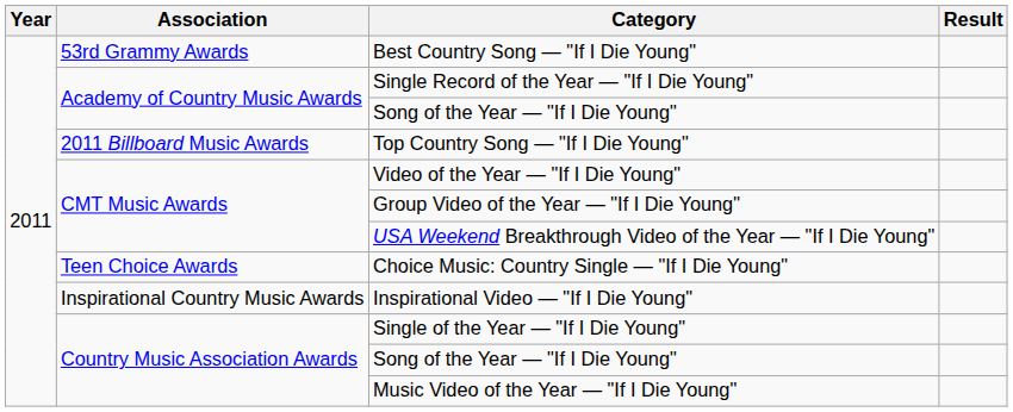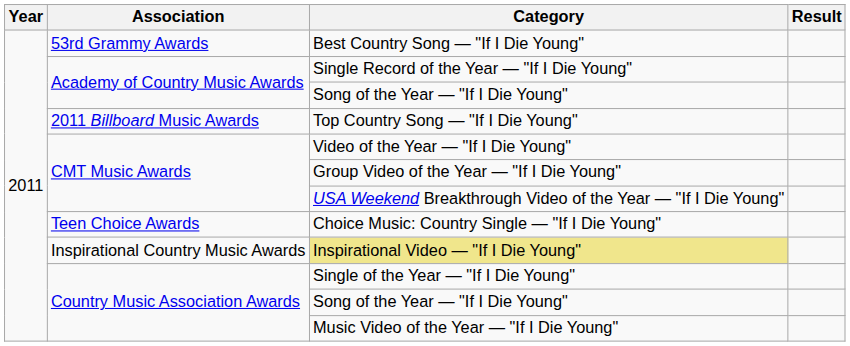 <table class="wikitable">
 <tr>
 <th>Year</th>
 <th>Association</th>
 <th>Category</th>
 <th>Result</th>
 </tr>
 <tr>
 <td rowspan="12">2011</td>
 <td><a href='#'>53rd Grammy Awards</a></td>
 <td>Best Country Song — "If I Die Young"</td>
 <td></td>
 </tr>
 <tr>
 <td rowspan="2"><a href='#'>Academy of Country Music Awards</a></td>
 <td>Single Record of the Year — "If I Die Young"</td>
 <td></td>
 </tr>
 <tr>
 <td>Song of the Year — "If I Die Young"</td>
 <td></td>
 </tr>
 <tr>
 <td><a href='#'>2011 <em>Billboard</em> Music Awards</a></td>
 <td>Top Country Song — "If I Die Young"</td>
 <td></td>
 </tr>
 <tr>
 <td rowspan="3"><a href='#'>CMT Music Awards</a></td>
 <td>Video of the Year — "If I Die Young"</td>
 <td></td>
 </tr>
 <tr>
 <td>Group Video of the Year — "If I Die Young"</td>
 <td></td>
 </tr>
 <tr>
 <td><em><a href='#'>USA Weekend</a></em> Breakthrough Video of the Year — "If I Die Young"</td>
 <td></td>
 </tr>
 <tr>
 <td><a href='#'>Teen Choice Awards</a></td>
 <td>Choice Music: Country Single — "If I Die Young"</td>
 <td></td>
 </tr>
 <tr>
 <td>Inspirational Country Music Awards</td>
-<td>Inspirational Video — "If I Die Young"</td>
+<td style="background: khaki;">Inspirational Video — "If I Die Young"</td>
 <td></td>
 </tr>
 <tr>
 <td rowspan="3"><a href='#'>Country Music Association Awards</a></td>
 <td>Single of the Year — "If I Die Young"</td>
 <td></td>
 </tr>
 <tr>
 <td>Song of the Year — "If I Die Young"</td>
 <td></td>
 </tr>
 <tr>
 <td>Music Video of the Year — "If I Die Young"</td>
 <td></td>
 </tr>
 </table>
